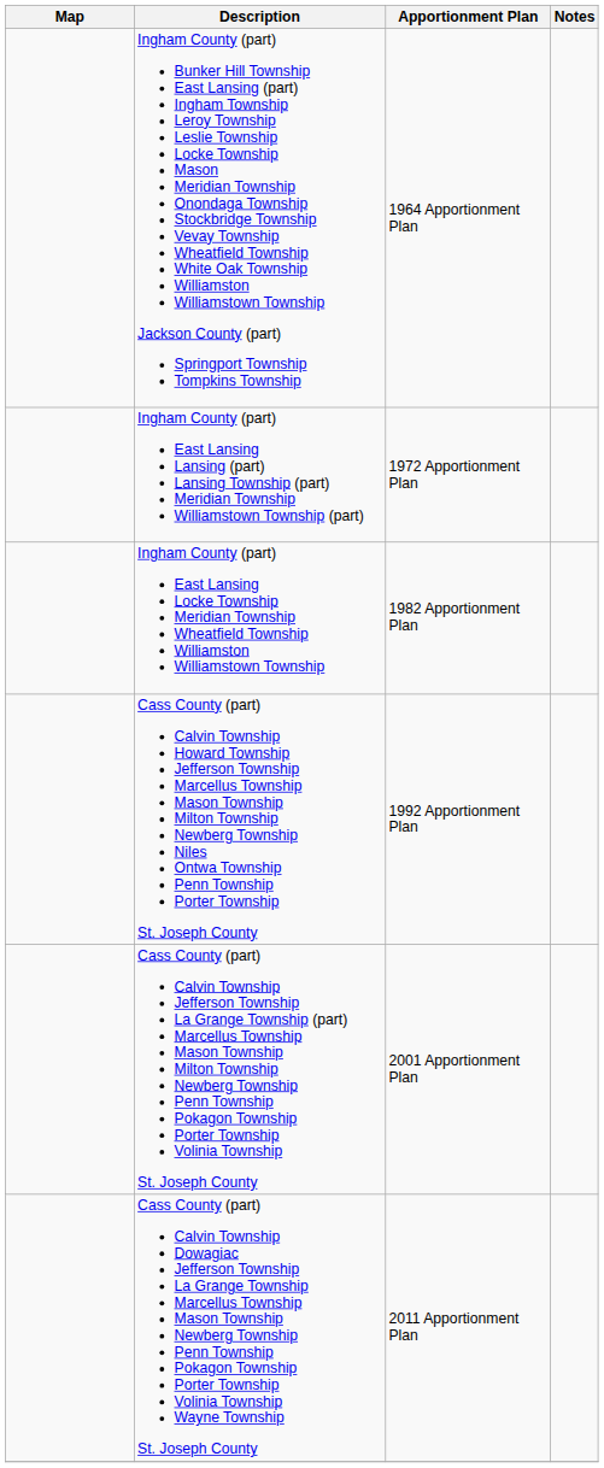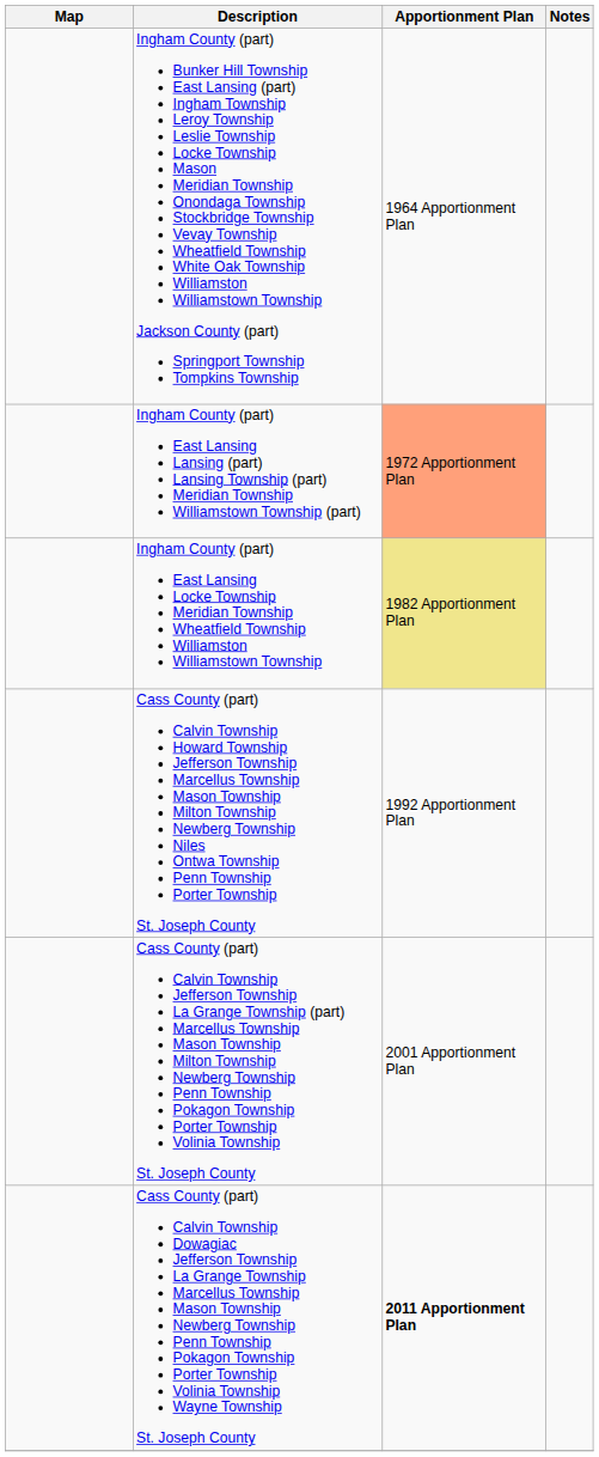 <table class="wikitable sortable">
 <tr>
 <th style="width:100pt;">Map</th>
 <th style="width:200pt;">Description</th>
 <th style="width:130pt;">Apportionment Plan</th>
 <th style="width:15pt;">Notes</th>
 </tr>
 <tr>
 <td></td>
 <td><a href='#'>Ingham County</a> (part)<br><ul><li><a href='#'>Bunker Hill Township</a></li><li><a href='#'>East Lansing</a> (part)</li><li><a href='#'>Ingham Township</a></li><li><a href='#'>Leroy Township</a></li><li><a href='#'>Leslie Township</a></li><li><a href='#'>Locke Township</a></li><li><a href='#'>Mason</a></li><li><a href='#'>Meridian Township</a></li><li><a href='#'>Onondaga Township</a></li><li><a href='#'>Stockbridge Township</a></li><li><a href='#'>Vevay Township</a></li><li><a href='#'>Wheatfield Township</a></li><li><a href='#'>White Oak Township</a></li><li><a href='#'>Williamston</a></li><li><a href='#'>Williamstown Township</a></li></ul><a href='#'>Jackson County</a> (part)<ul><li><a href='#'>Springport Township</a></li><li><a href='#'>Tompkins Township</a></li></ul></td>
 <td>1964 Apportionment Plan</td>
 <td></td>
 </tr>
 <tr>
 <td></td>
 <td><a href='#'>Ingham County</a> (part)<br><ul><li><a href='#'>East Lansing</a></li><li><a href='#'>Lansing</a> (part)</li><li><a href='#'>Lansing Township</a> (part)</li><li><a href='#'>Meridian Township</a></li><li><a href='#'>Williamstown Township</a> (part)</li></ul></td>
-<td>1972 Apportionment Plan</td>
+<td style="background: lightsalmon;">1972 Apportionment Plan</td>
 <td></td>
 </tr>
 <tr>
 <td></td>
 <td><a href='#'>Ingham County</a> (part)<br><ul><li><a href='#'>East Lansing</a></li><li><a href='#'>Locke Township</a></li><li><a href='#'>Meridian Township</a></li><li><a href='#'>Wheatfield Township</a></li><li><a href='#'>Williamston</a></li><li><a href='#'>Williamstown Township</a></li></ul></td>
-<td>1982 Apportionment Plan</td>
+<td style="background: khaki;">1982 Apportionment Plan</td>
 <td></td>
 </tr>
 <tr>
 <td></td>
 <td><a href='#'>Cass County</a> (part)<br><ul><li><a href='#'>Calvin Township</a></li><li><a href='#'>Howard Township</a></li><li><a href='#'>Jefferson Township</a></li><li><a href='#'>Marcellus Township</a></li><li><a href='#'>Mason Township</a></li><li><a href='#'>Milton Township</a></li><li><a href='#'>Newberg Township</a></li><li><a href='#'>Niles</a></li><li><a href='#'>Ontwa Township</a></li><li><a href='#'>Penn Township</a></li><li><a href='#'>Porter Township</a></li></ul><a href='#'>St. Joseph County</a></td>
 <td>1992 Apportionment Plan</td>
 <td></td>
 </tr>
 <tr>
 <td></td>
 <td><a href='#'>Cass County</a> (part)<br><ul><li><a href='#'>Calvin Township</a></li><li><a href='#'>Jefferson Township</a></li><li><a href='#'>La Grange Township</a> (part)</li><li><a href='#'>Marcellus Township</a></li><li><a href='#'>Mason Township</a></li><li><a href='#'>Milton Township</a></li><li><a href='#'>Newberg Township</a></li><li><a href='#'>Penn Township</a></li><li><a href='#'>Pokagon Township</a></li><li><a href='#'>Porter Township</a></li><li><a href='#'>Volinia Township</a></li></ul><a href='#'>St. Joseph County</a></td>
 <td>2001 Apportionment Plan</td>
 <td></td>
 </tr>
 <tr>
 <td></td>
 <td><a href='#'>Cass County</a> (part)<br><ul><li><a href='#'>Calvin Township</a></li><li><a href='#'>Dowagiac</a></li><li><a href='#'>Jefferson Township</a></li><li><a href='#'>La Grange Township</a></li><li><a href='#'>Marcellus Township</a></li><li><a href='#'>Mason Township</a></li><li><a href='#'>Newberg Township</a></li><li><a href='#'>Penn Township</a></li><li><a href='#'>Pokagon Township</a></li><li><a href='#'>Porter Township</a></li><li><a href='#'>Volinia Township</a></li><li><a href='#'>Wayne Township</a></li></ul><a href='#'>St. Joseph County</a></td>
-<td>2011 Apportionment Plan</td>
+<td><strong>2011 Apportionment Plan</strong></td>
 <td></td>
 </tr>
 <tr>
 </tr>
 </table>
